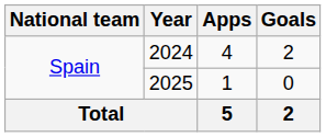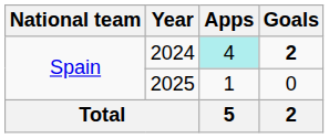 <table class="wikitable" style="text-align:center">
 <tr>
 <th>National team</th>
 <th>Year</th>
 <th>Apps</th>
 <th>Goals</th>
 </tr>
 <tr>
 <td rowspan="2"><a href='#'>Spain</a></td>
 <td>2024</td>
-<td>4</td>
-<td>2</td>
+<td style="background: paleturquoise;">4</td>
+<td><strong>2</strong></td>
 </tr>
 <tr>
 <td>2025</td>
 <td>1</td>
 <td>0</td>
 </tr>
 <tr>
 <th colspan="2">Total</th>
 <th>5</th>
 <th>2</th>
 </tr>
 </table>
